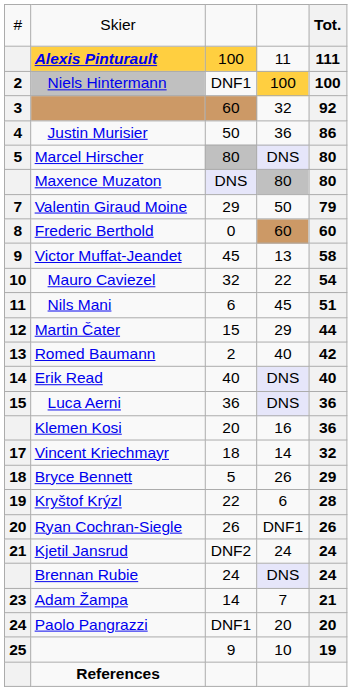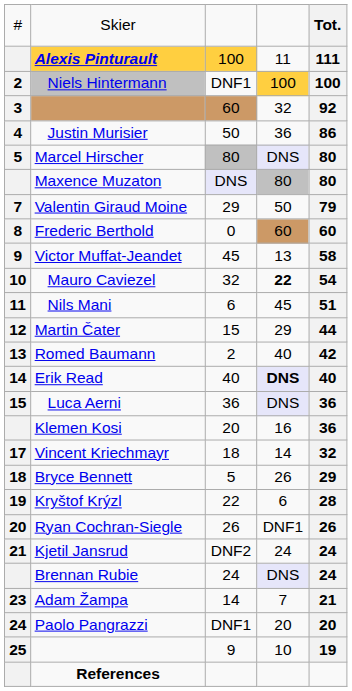 <table class="wikitable" width=40% style="font-size:100%; text-align:center;">
 <tr>
 <td>#</td>
 <td>Skier</td>
 <td><br> </td>
 <td><br>   </td>
 <th>Tot.</th>
 </tr>
 <tr>
 <th></th>
 <td align=left bgcolor=ffcf40> <strong><em><a href='#'>Alexis Pinturault</a></em></strong></td>
 <td bgcolor=ffcf40>100</td>
 <td>11</td>
 <th>111</th>
 </tr>
 <tr>
 <th>2</th>
 <td align=left bgcolor=c0c0c0>   <a href='#'>Niels Hintermann</a></td>
 <td>DNF1</td>
 <td bgcolor=ffcf40>100</td>
 <th>100</th>
 </tr>
 <tr>
 <th>3</th>
 <td align=left bgcolor=cc9966></td>
 <td bgcolor=cc9966>60</td>
 <td>32</td>
 <th>92</th>
 </tr>
 <tr>
 <th>4</th>
 <td align=left>   <a href='#'>Justin Murisier</a></td>
 <td>50</td>
 <td>36</td>
 <th>86</th>
 </tr>
 <tr>
 <th>5</th>
 <td align=left> <a href='#'>Marcel Hirscher</a></td>
 <td bgcolor=c0c0c0>80</td>
 <td bgcolor=lavender>DNS</td>
 <th>80</th>
 </tr>
 <tr>
 <th></th>
 <td align=left> <a href='#'>Maxence Muzaton</a></td>
 <td bgcolor=lavender>DNS</td>
 <td bgcolor=c0c0c0>80</td>
 <th>80</th>
 </tr>
 <tr>
 <th>7</th>
 <td align=left> <a href='#'>Valentin Giraud Moine</a></td>
 <td>29</td>
 <td>50</td>
 <th>79</th>
 </tr>
 <tr>
 <th>8</th>
 <td align=left> <a href='#'>Frederic Berthold</a></td>
 <td>0</td>
 <td bgcolor=cc9966>60</td>
 <th>60</th>
 </tr>
 <tr>
 <th>9</th>
 <td align=left> <a href='#'>Victor Muffat-Jeandet</a></td>
 <td>45</td>
 <td>13</td>
 <th>58</th>
 </tr>
 <tr>
 <th>10</th>
 <td align=left>   <a href='#'>Mauro Caviezel</a></td>
 <td>32</td>
-<td>22</td>
+<td><strong>22</strong></td>
 <th>54</th>
 </tr>
 <tr>
 <th>11</th>
 <td align=left>   <a href='#'>Nils Mani</a></td>
 <td>6</td>
 <td>45</td>
 <th>51</th>
 </tr>
 <tr>
 <th>12</th>
 <td align=left> <a href='#'>Martin Čater</a></td>
 <td>15</td>
 <td>29</td>
 <th>44</th>
 </tr>
 <tr>
 <th>13</th>
 <td align=left> <a href='#'>Romed Baumann</a></td>
 <td>2</td>
 <td>40</td>
 <th>42</th>
 </tr>
 <tr>
 <th>14</th>
 <td align=left> <a href='#'>Erik Read</a></td>
 <td>40</td>
-<td bgcolor=lavender>DNS</td>
+<td bgcolor=lavender><strong>DNS</strong></td>
 <th>40</th>
 </tr>
 <tr>
 <th>15</th>
 <td align=left>   <a href='#'>Luca Aerni</a></td>
 <td>36</td>
 <td bgcolor=lavender>DNS</td>
 <th>36</th>
 </tr>
 <tr>
 <th></th>
 <td align=left> <a href='#'>Klemen Kosi</a></td>
 <td>20</td>
 <td>16</td>
 <th>36</th>
 </tr>
 <tr>
 <th>17</th>
 <td align=left> <a href='#'>Vincent Kriechmayr</a></td>
 <td>18</td>
 <td>14</td>
 <th>32</th>
 </tr>
 <tr>
 <th>18</th>
 <td align=left> <a href='#'>Bryce Bennett</a></td>
 <td>5</td>
 <td>26</td>
 <th>29</th>
 </tr>
 <tr>
 <th>19</th>
 <td align=left> <a href='#'>Kryštof Krýzl</a></td>
 <td>22</td>
 <td>6</td>
 <th>28</th>
 </tr>
 <tr>
 <th>20</th>
 <td align=left> <a href='#'>Ryan Cochran-Siegle</a></td>
 <td>26</td>
 <td>DNF1</td>
 <th>26</th>
 </tr>
 <tr>
 <th>21</th>
 <td align=left> <a href='#'>Kjetil Jansrud</a></td>
 <td>DNF2</td>
 <td>24</td>
 <th>24</th>
 </tr>
 <tr>
 <th></th>
 <td align=left> <a href='#'>Brennan Rubie</a></td>
 <td>24</td>
 <td bgcolor=lavender>DNS</td>
 <th>24</th>
 </tr>
 <tr>
 <th>23</th>
 <td align=left> <a href='#'>Adam Žampa</a></td>
 <td>14</td>
 <td>7</td>
 <th>21</th>
 </tr>
 <tr>
 <th>24</th>
 <td align=left> <a href='#'>Paolo Pangrazzi</a></td>
 <td>DNF1</td>
 <td>20</td>
 <th>20</th>
 </tr>
 <tr>
 <th>25</th>
 <td align=left></td>
 <td>9</td>
 <td>10</td>
 <th>19</th>
 </tr>
 <tr>
 <th></th>
 <td align=center><strong>References</strong></td>
 <td></td>
 <td></td>
 </tr>
 </table>
